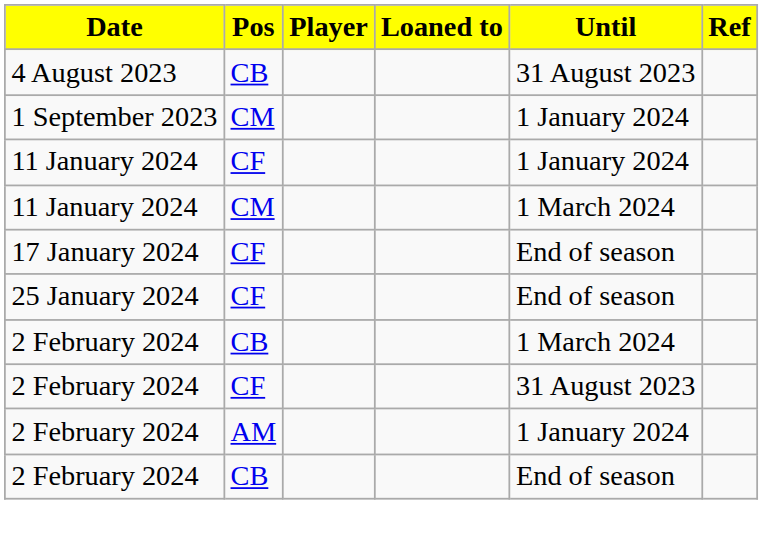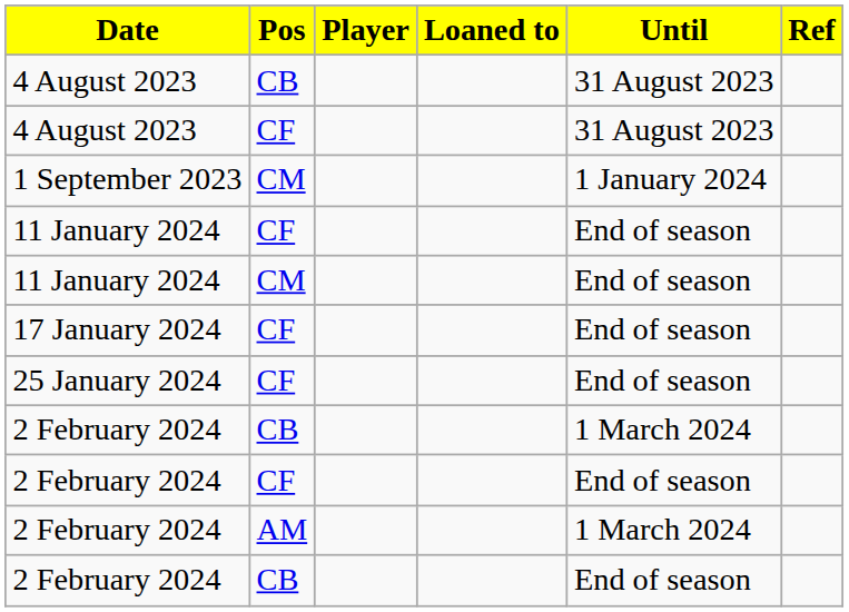 <table class="wikitable plainrowheaders sortable">
 <tr>
 <th style="background-color:yellow;">Date</th>
 <th style="background-color:yellow;">Pos</th>
 <th style="background-color:yellow;">Player</th>
 <th style="background-color:yellow;">Loaned to</th>
 <th style="background-color:yellow;">Until</th>
 <th style="background-color:yellow;">Ref</th>
 </tr>
 <tr>
 <td>4 August 2023</td>
 <td><a href='#'>CB</a></td>
 <td></td>
 <td></td>
 <td>31 August 2023</td>
 <td></td>
 </tr>
 <tr>
+<td>4 August 2023</td>
+<td><a href='#'>CF</a></td>
+<td></td>
+<td></td>
+<td>31 August 2023</td>
+<td></td>
+</tr>
+<tr>
 <td>1 September 2023</td>
 <td><a href='#'>CM</a></td>
 <td></td>
 <td></td>
 <td>1 January 2024</td>
 <td></td>
 </tr>
 <tr>
 <td>11 January 2024</td>
 <td><a href='#'>CF</a></td>
 <td></td>
 <td></td>
-<td>1 January 2024</td>
+<td>End of season</td>
 <td></td>
 </tr>
 <tr>
 <td>11 January 2024</td>
 <td><a href='#'>CM</a></td>
 <td></td>
 <td></td>
-<td>1 March 2024</td>
+<td>End of season</td>
 <td></td>
 </tr>
 <tr>
 <td>17 January 2024</td>
 <td><a href='#'>CF</a></td>
 <td></td>
 <td></td>
 <td>End of season</td>
 <td></td>
 </tr>
 <tr>
 <td>25 January 2024</td>
 <td><a href='#'>CF</a></td>
 <td></td>
 <td></td>
 <td>End of season</td>
 <td></td>
 </tr>
 <tr>
 <td>2 February 2024</td>
 <td><a href='#'>CB</a></td>
 <td></td>
 <td></td>
 <td>1 March 2024</td>
 <td></td>
 </tr>
 <tr>
 <td>2 February 2024</td>
 <td><a href='#'>CF</a></td>
 <td></td>
 <td></td>
-<td>31 August 2023</td>
+<td>End of season</td>
 <td></td>
 </tr>
 <tr>
 <td>2 February 2024</td>
 <td><a href='#'>AM</a></td>
 <td></td>
 <td></td>
-<td>1 January 2024</td>
+<td>1 March 2024</td>
 <td></td>
 </tr>
 <tr>
 <td>2 February 2024</td>
 <td><a href='#'>CB</a></td>
 <td></td>
 <td></td>
 <td>End of season</td>
 <td></td>
 </tr>
 </table>
